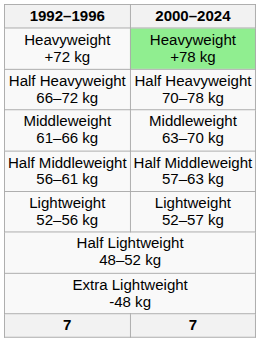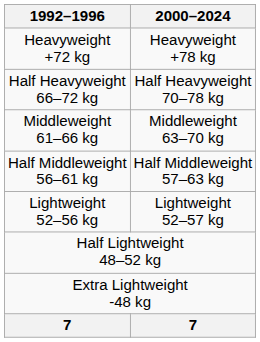 <table class="wikitable" style="text-align:center">
 <tr>
 <th>1992–1996</th>
 <th>2000–2024 </th>
 </tr>
 <tr>
 <td rowspan=2>Heavyweight<br>+72 kg</td>
-<td style="background: lightgreen;">Heavyweight<br>+78 kg</td>
+<td>Heavyweight<br>+78 kg</td>
 </tr>
 <tr>
 <td rowspan=2>Half Heavyweight<br>70–78 kg</td>
 </tr>
 <tr>
 <td rowspan=2>Half Heavyweight<br>66–72 kg</td>
 </tr>
 <tr>
 <td rowspan=2>Middleweight<br>63–70 kg</td>
 </tr>
 <tr>
 <td rowspan=2>Middleweight<br>61–66 kg</td>
 </tr>
 <tr>
 <td rowspan=2>Half Middleweight<br>57–63 kg</td>
 </tr>
 <tr>
 <td rowspan=2>Half Middleweight<br>56–61 kg</td>
 </tr>
 <tr>
 <td rowspan=2>Lightweight<br>52–57 kg</td>
 </tr>
 <tr>
 <td>Lightweight<br>52–56 kg</td>
 </tr>
 <tr>
 <td colspan=2>Half Lightweight<br>48–52 kg</td>
 </tr>
 <tr>
 <td colspan=2>Extra Lightweight<br>-48 kg</td>
 </tr>
 <tr>
 <th>7</th>
 <th>7</th>
 </tr>
 </table>
